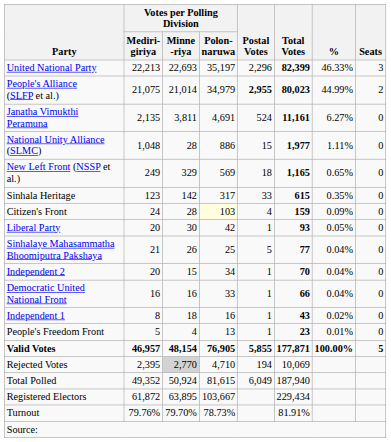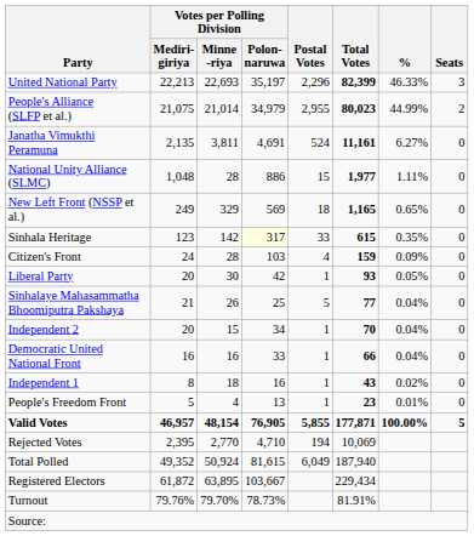 <table class="wikitable" border="1" style="text-align:right;">
 <tr>
 <th align=left valign=bottom rowspan=2 width="180">Party</th>
 <th colspan=3>Votes per Polling Division</th>
 <th align=center valign=bottom rowspan=2 width="50">Postal<br>Votes</th>
 <th align=center valign=bottom rowspan=2 width="50">Total Votes</th>
 <th align=center valign=bottom rowspan=2 width="50">%</th>
 <th align=center valign=bottom rowspan=2 width="40">Seats</th>
 </tr>
 <tr>
 <th align=center valign=bottom width="50">Mediri-<br>giriya</th>
 <th align=center valign=bottom width="50">Minne<br>-riya</th>
 <th align=center valign=bottom width="50">Polon-<br>naruwa</th>
 </tr>
 <tr>
 <td align=left><a href='#'>United National Party</a></td>
 <td>22,213</td>
 <td>22,693</td>
 <td>35,197</td>
 <td>2,296</td>
 <td><strong>82,399</strong></td>
 <td>46.33%</td>
 <td>3</td>
 </tr>
 <tr>
 <td align=left><a href='#'>People's Alliance</a><br>(<a href='#'>SLFP</a> et al.)</td>
 <td>21,075</td>
 <td>21,014</td>
 <td>34,979</td>
-<td><strong>2,955</strong></td>
+<td>2,955</td>
 <td><strong>80,023</strong></td>
 <td>44.99%</td>
 <td>2</td>
 </tr>
 <tr>
 <td align=left><a href='#'>Janatha Vimukthi Peramuna</a></td>
 <td>2,135</td>
 <td>3,811</td>
 <td>4,691</td>
 <td>524</td>
 <td><strong>11,161</strong></td>
 <td>6.27%</td>
 <td>0</td>
 </tr>
 <tr>
 <td align=left><a href='#'>National Unity Alliance</a> (<a href='#'>SLMC</a>)</td>
 <td>1,048</td>
 <td>28</td>
 <td>886</td>
 <td>15</td>
 <td><strong>1,977</strong></td>
 <td>1.11%</td>
 <td>0</td>
 </tr>
 <tr>
 <td align=left><a href='#'>New Left Front</a> (<a href='#'>NSSP</a> et al.)</td>
 <td>249</td>
 <td>329</td>
 <td>569</td>
 <td>18</td>
 <td><strong>1,165</strong></td>
 <td>0.65%</td>
 <td>0</td>
 </tr>
 <tr>
 <td align=left>Sinhala Heritage</td>
 <td>123</td>
 <td>142</td>
-<td>317</td>
+<td style="background: lightyellow;">317</td>
 <td>33</td>
 <td><strong>615</strong></td>
 <td>0.35%</td>
 <td>0</td>
 </tr>
 <tr>
 <td align=left>Citizen's Front</td>
 <td>24</td>
 <td>28</td>
-<td style="background: lightyellow;">103</td>
+<td>103</td>
 <td>4</td>
 <td><strong>159</strong></td>
 <td>0.09%</td>
 <td>0</td>
 </tr>
 <tr>
 <td align=left><a href='#'>Liberal Party</a></td>
 <td>20</td>
 <td>30</td>
 <td>42</td>
 <td>1</td>
 <td><strong>93</strong></td>
 <td>0.05%</td>
 <td>0</td>
 </tr>
 <tr>
 <td align=left><a href='#'>Sinhalaye Mahasammatha Bhoomiputra Pakshaya</a></td>
 <td>21</td>
 <td>26</td>
 <td>25</td>
 <td>5</td>
 <td><strong>77</strong></td>
 <td>0.04%</td>
 <td>0</td>
 </tr>
 <tr>
 <td align=left><a href='#'>Independent 2</a></td>
 <td>20</td>
 <td>15</td>
 <td>34</td>
 <td>1</td>
 <td><strong>70</strong></td>
 <td>0.04%</td>
 <td>0</td>
 </tr>
 <tr>
 <td align=left><a href='#'>Democratic United National Front</a></td>
 <td>16</td>
 <td>16</td>
 <td>33</td>
 <td>1</td>
 <td><strong>66</strong></td>
 <td>0.04%</td>
 <td>0</td>
 </tr>
 <tr>
 <td align=left><a href='#'>Independent 1</a></td>
 <td>8</td>
 <td>18</td>
 <td>16</td>
 <td>1</td>
 <td><strong>43</strong></td>
 <td>0.02%</td>
 <td>0</td>
 </tr>
 <tr>
 <td align=left>People's Freedom Front</td>
 <td>5</td>
 <td>4</td>
 <td>13</td>
 <td>1</td>
 <td><strong>23</strong></td>
 <td>0.01%</td>
 <td>0</td>
 </tr>
 <tr>
 <td align=left><strong>Valid Votes</strong></td>
 <td><strong>46,957</strong></td>
 <td><strong>48,154</strong></td>
 <td><strong>76,905</strong></td>
 <td><strong>5,855</strong></td>
 <td><strong>177,871</strong></td>
 <td><strong>100.00%</strong></td>
 <td><strong>5</strong></td>
 </tr>
 <tr>
 <td align=left>Rejected Votes</td>
 <td>2,395</td>
-<td style="background: lightgrey;">2,770</td>
+<td>2,770</td>
 <td>4,710</td>
 <td>194</td>
 <td>10,069</td>
 <td></td>
 <td></td>
 </tr>
 <tr>
 <td align=left>Total Polled</td>
 <td>49,352</td>
 <td>50,924</td>
 <td>81,615</td>
 <td>6,049</td>
 <td>187,940</td>
 <td></td>
 <td></td>
 </tr>
 <tr>
 <td align=left>Registered Electors</td>
 <td>61,872</td>
 <td>63,895</td>
 <td>103,667</td>
 <td></td>
 <td>229,434</td>
 <td></td>
 <td></td>
 </tr>
 <tr>
 <td align=left>Turnout</td>
 <td>79.76%</td>
 <td>79.70%</td>
 <td>78.73%</td>
 <td></td>
 <td>81.91%</td>
 <td></td>
 <td></td>
 </tr>
 <tr>
 <td align=left colspan=9>Source:</td>
 </tr>
 </table>
